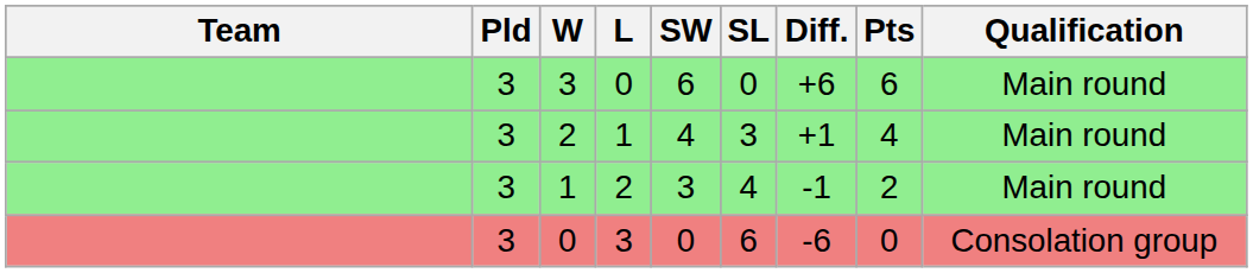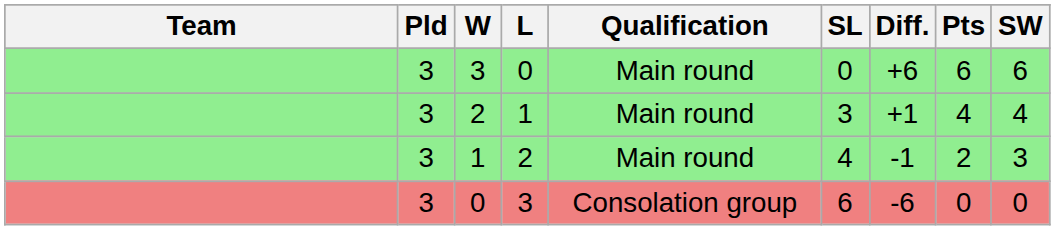 <table class=wikitable style="text-align:center">
 <tr>
 <th width=220>Team</th>
 <th width=20>Pld</th>
 <th width=20>W</th>
 <th width=20>L</th>
-<th width=20>SW</th>
+<th width=150>Qualification</th>
 <th width=20>SL</th>
 <th width=20>Diff.</th>
 <th width=20>Pts</th>
-<th width=150>Qualification</th>
+<th width=20>SW</th>
 </tr>
 <tr bgcolor=90EE90>
 <td align=left></td>
 <td>3</td>
 <td>3</td>
 <td>0</td>
-<td>6</td>
+<td>Main round</td>
 <td>0</td>
 <td>+6</td>
 <td>6</td>
-<td>Main round</td>
+<td>6</td>
 </tr>
 <tr bgcolor=90EE90>
 <td align=left></td>
 <td>3</td>
 <td>2</td>
 <td>1</td>
-<td>4</td>
+<td>Main round</td>
 <td>3</td>
 <td>+1</td>
 <td>4</td>
-<td>Main round</td>
+<td>4</td>
 </tr>
 <tr bgcolor=90EE90>
 <td align=left></td>
 <td>3</td>
 <td>1</td>
 <td>2</td>
-<td>3</td>
+<td>Main round</td>
 <td>4</td>
 <td>-1</td>
 <td>2</td>
-<td>Main round</td>
+<td>3</td>
 </tr>
 <tr bgcolor=F08080>
 <td align=left></td>
 <td>3</td>
 <td>0</td>
 <td>3</td>
-<td>0</td>
+<td>Consolation group</td>
 <td>6</td>
 <td>-6</td>
 <td>0</td>
-<td>Consolation group</td>
+<td>0</td>
 </tr>
 </table>
